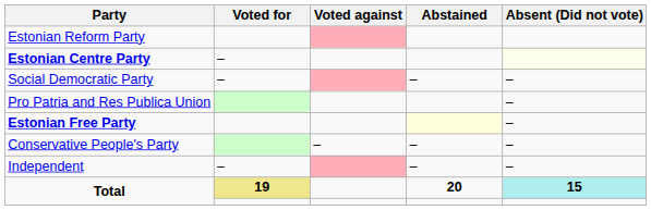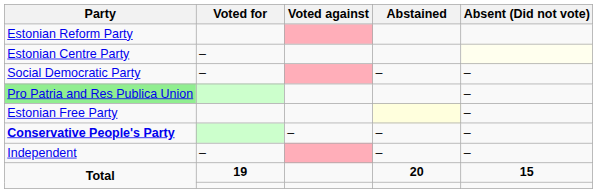 <table class="wikitable">
 <tr>
 <th>Party</th>
 <th style="width:15%;">Voted for</th>
 <th style="width:15%;">Voted against</th>
 <th style="width:15%;">Abstained</th>
 <th>Absent (Did not vote)</th>
 </tr>
 <tr>
 <td> <a href='#'>Estonian Reform Party</a></td>
 <td></td>
 <td style="background-color:#FFAEB9;"></td>
 <td></td>
 <td></td>
 </tr>
 <tr>
-<td><strong> <a href='#'>Estonian Centre Party</a></strong></td>
+<td> <a href='#'>Estonian Centre Party</a></td>
 <td>–</td>
 <td></td>
 <td></td>
 <td Style="background-color:#FFE;"></td>
 </tr>
 <tr>
 <td> <a href='#'>Social Democratic Party</a></td>
 <td>–</td>
 <td style="background-color:#FFAEB9;"></td>
 <td>–</td>
 <td>–</td>
 </tr>
 <tr>
-<td> <a href='#'>Pro Patria and Res Publica Union</a></td>
+<td style="background: lightgreen;"> <a href='#'>Pro Patria and Res Publica Union</a></td>
 <td style="background-color:#CCFFCC;"></td>
 <td></td>
 <td></td>
 <td>–</td>
 </tr>
 <tr>
-<td><strong> <a href='#'>Estonian Free Party</a></strong></td>
+<td> <a href='#'>Estonian Free Party</a></td>
 <td></td>
 <td></td>
 <td style="background-color:#FFD;"></td>
 <td>–</td>
 </tr>
 <tr>
-<td> <a href='#'>Conservative People's Party</a></td>
+<td><strong> <a href='#'>Conservative People's Party</a></strong></td>
 <td style="background-color:#CCFFCC;"></td>
 <td>–</td>
 <td>–</td>
 <td>–</td>
 </tr>
 <tr>
 <td> <a href='#'>Independent</a></td>
 <td>–</td>
 <td style="background-color:#FFAEB9;"></td>
 <td>–</td>
 <td>–</td>
 </tr>
 <tr>
 <td style="text-align:center;" rowspan="2"><strong>Total</strong></td>
-<td style="background: khaki; text-align:center;"><strong>19</strong></td>
+<td style="text-align:center;"><strong>19</strong></td>
 <td></td>
 <td style="text-align:center;"><strong>20</strong></td>
-<td style="background: paleturquoise; text-align:center;"><strong>15</strong></td>
+<td style="text-align:center;"><strong>15</strong></td>
 </tr>
 <tr>
 <td style="text-align:center;"></td>
 <td style="text-align:center;"></td>
 <td style="text-align:center;"></td>
 <td style="text-align:center;"></td>
 </tr>
 </table>
